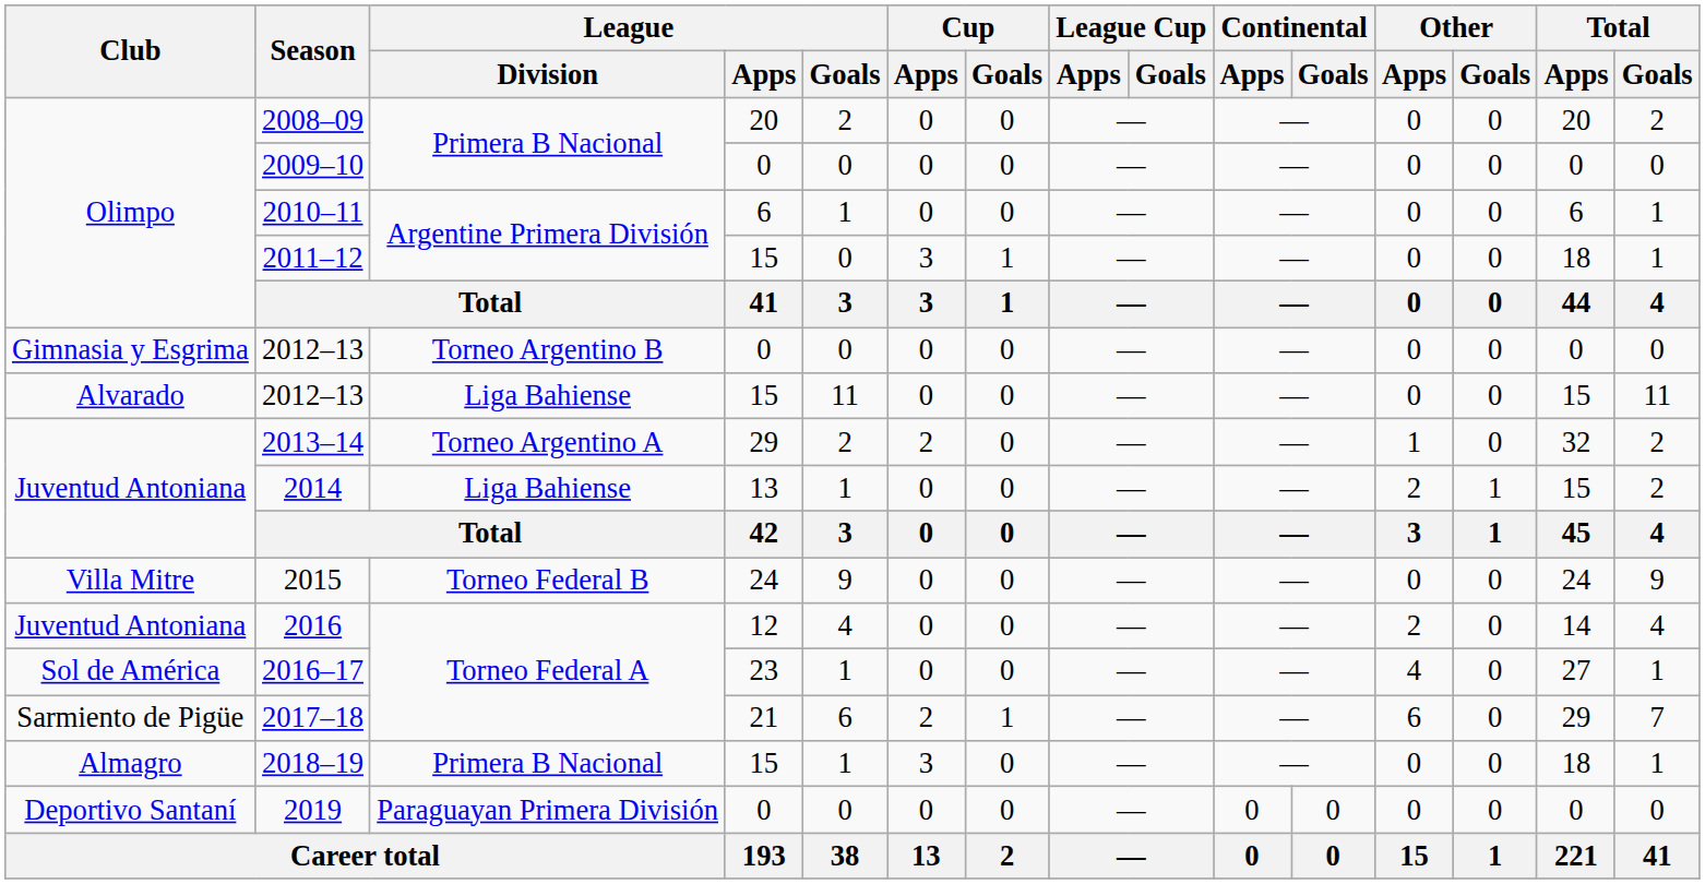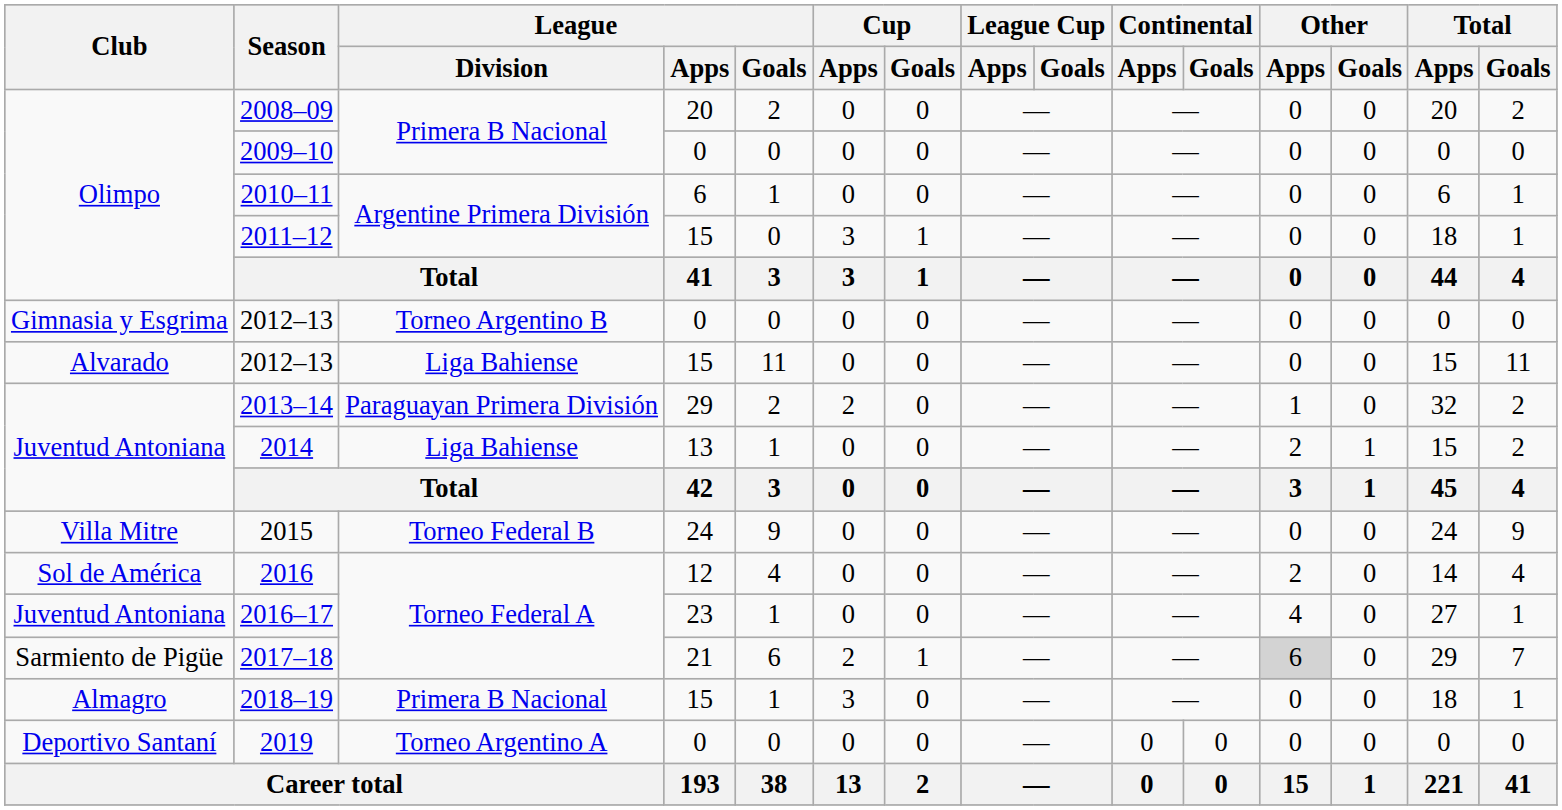 <table class="wikitable" style="text-align:center">
 <tr>
 <th rowspan="2">Club</th>
 <th rowspan="2">Season</th>
 <th colspan="3">League</th>
 <th colspan="2">Cup</th>
 <th colspan="2">League Cup</th>
 <th colspan="2">Continental</th>
 <th colspan="2">Other</th>
 <th colspan="2">Total</th>
 </tr>
 <tr>
 <th>Division</th>
 <th>Apps</th>
 <th>Goals</th>
 <th>Apps</th>
 <th>Goals</th>
 <th>Apps</th>
 <th>Goals</th>
 <th>Apps</th>
 <th>Goals</th>
 <th>Apps</th>
 <th>Goals</th>
 <th>Apps</th>
 <th>Goals</th>
 </tr>
 <tr>
 <td rowspan="5"><a href='#'>Olimpo</a></td>
 <td><a href='#'>2008–09</a></td>
 <td rowspan="2"><a href='#'>Primera B Nacional</a></td>
 <td>20</td>
 <td>2</td>
 <td>0</td>
 <td>0</td>
 <td colspan="2">—</td>
 <td colspan="2">—</td>
 <td>0</td>
 <td>0</td>
 <td>20</td>
 <td>2</td>
 </tr>
 <tr>
 <td><a href='#'>2009–10</a></td>
 <td>0</td>
 <td>0</td>
 <td>0</td>
 <td>0</td>
 <td colspan="2">—</td>
 <td colspan="2">—</td>
 <td>0</td>
 <td>0</td>
 <td>0</td>
 <td>0</td>
 </tr>
 <tr>
 <td><a href='#'>2010–11</a></td>
 <td rowspan="2"><a href='#'>Argentine Primera División</a></td>
 <td>6</td>
 <td>1</td>
 <td>0</td>
 <td>0</td>
 <td colspan="2">—</td>
 <td colspan="2">—</td>
 <td>0</td>
 <td>0</td>
 <td>6</td>
 <td>1</td>
 </tr>
 <tr>
 <td><a href='#'>2011–12</a></td>
 <td>15</td>
 <td>0</td>
 <td>3</td>
 <td>1</td>
 <td colspan="2">—</td>
 <td colspan="2">—</td>
 <td>0</td>
 <td>0</td>
 <td>18</td>
 <td>1</td>
 </tr>
 <tr>
 <th colspan="2">Total</th>
 <th>41</th>
 <th>3</th>
 <th>3</th>
 <th>1</th>
 <th colspan="2">—</th>
 <th colspan="2">—</th>
 <th>0</th>
 <th>0</th>
 <th>44</th>
 <th>4</th>
 </tr>
 <tr>
 <td rowspan="1"><a href='#'>Gimnasia y Esgrima</a></td>
 <td>2012–13</td>
 <td rowspan="1"><a href='#'>Torneo Argentino B</a></td>
 <td>0</td>
 <td>0</td>
 <td>0</td>
 <td>0</td>
 <td colspan="2">—</td>
 <td colspan="2">—</td>
 <td>0</td>
 <td>0</td>
 <td>0</td>
 <td>0</td>
 </tr>
 <tr>
 <td rowspan="1"><a href='#'>Alvarado</a></td>
 <td>2012–13</td>
 <td rowspan="1"><a href='#'>Liga Bahiense</a></td>
 <td>15</td>
 <td>11</td>
 <td>0</td>
 <td>0</td>
 <td colspan="2">—</td>
 <td colspan="2">—</td>
 <td>0</td>
 <td>0</td>
 <td>15</td>
 <td>11</td>
 </tr>
 <tr>
 <td rowspan="3"><a href='#'>Juventud Antoniana</a></td>
 <td><a href='#'>2013–14</a></td>
-<td rowspan="1"><a href='#'>Torneo Argentino A</a></td>
+<td rowspan="1"><a href='#'>Paraguayan Primera División</a></td>
 <td>29</td>
 <td>2</td>
 <td>2</td>
 <td>0</td>
 <td colspan="2">—</td>
 <td colspan="2">—</td>
 <td>1</td>
 <td>0</td>
 <td>32</td>
 <td>2</td>
 </tr>
 <tr>
 <td><a href='#'>2014</a></td>
 <td rowspan="1"><a href='#'>Liga Bahiense</a></td>
 <td>13</td>
 <td>1</td>
 <td>0</td>
 <td>0</td>
 <td colspan="2">—</td>
 <td colspan="2">—</td>
 <td>2</td>
 <td>1</td>
 <td>15</td>
 <td>2</td>
 </tr>
 <tr>
 <th colspan="2">Total</th>
 <th>42</th>
 <th>3</th>
 <th>0</th>
 <th>0</th>
 <th colspan="2">—</th>
 <th colspan="2">—</th>
 <th>3</th>
 <th>1</th>
 <th>45</th>
 <th>4</th>
 </tr>
 <tr>
 <td rowspan="1"><a href='#'>Villa Mitre</a></td>
 <td>2015</td>
 <td rowspan="1"><a href='#'>Torneo Federal B</a></td>
 <td>24</td>
 <td>9</td>
 <td>0</td>
 <td>0</td>
 <td colspan="2">—</td>
 <td colspan="2">—</td>
 <td>0</td>
 <td>0</td>
 <td>24</td>
 <td>9</td>
 </tr>
 <tr>
-<td rowspan="1"><a href='#'>Juventud Antoniana</a></td>
+<td rowspan="1"><a href='#'>Sol de América</a></td>
 <td><a href='#'>2016</a></td>
 <td rowspan="3"><a href='#'>Torneo Federal A</a></td>
 <td>12</td>
 <td>4</td>
 <td>0</td>
 <td>0</td>
 <td colspan="2">—</td>
 <td colspan="2">—</td>
 <td>2</td>
 <td>0</td>
 <td>14</td>
 <td>4</td>
 </tr>
 <tr>
-<td rowspan="1"><a href='#'>Sol de América</a></td>
+<td rowspan="1"><a href='#'>Juventud Antoniana</a></td>
 <td><a href='#'>2016–17</a></td>
 <td>23</td>
 <td>1</td>
 <td>0</td>
 <td>0</td>
 <td colspan="2">—</td>
 <td colspan="2">—</td>
 <td>4</td>
 <td>0</td>
 <td>27</td>
 <td>1</td>
 </tr>
 <tr>
 <td rowspan="1">Sarmiento de Pigüe</td>
 <td><a href='#'>2017–18</a></td>
 <td>21</td>
 <td>6</td>
 <td>2</td>
 <td>1</td>
 <td colspan="2">—</td>
 <td colspan="2">—</td>
-<td>6</td>
+<td style="background: lightgrey;">6</td>
 <td>0</td>
 <td>29</td>
 <td>7</td>
 </tr>
 <tr>
 <td rowspan="1"><a href='#'>Almagro</a></td>
 <td><a href='#'>2018–19</a></td>
 <td rowspan="1"><a href='#'>Primera B Nacional</a></td>
 <td>15</td>
 <td>1</td>
 <td>3</td>
 <td>0</td>
 <td colspan="2">—</td>
 <td colspan="2">—</td>
 <td>0</td>
 <td>0</td>
 <td>18</td>
 <td>1</td>
 </tr>
 <tr>
 <td rowspan="1"><a href='#'>Deportivo Santaní</a></td>
 <td><a href='#'>2019</a></td>
-<td rowspan="1"><a href='#'>Paraguayan Primera División</a></td>
+<td rowspan="1"><a href='#'>Torneo Argentino A</a></td>
 <td>0</td>
 <td>0</td>
 <td>0</td>
 <td>0</td>
 <td colspan="2">—</td>
 <td>0</td>
 <td>0</td>
 <td>0</td>
 <td>0</td>
 <td>0</td>
 <td>0</td>
 </tr>
 <tr>
 <th colspan="3">Career total</th>
 <th>193</th>
 <th>38</th>
 <th>13</th>
 <th>2</th>
 <th colspan="2">—</th>
 <th>0</th>
 <th>0</th>
 <th>15</th>
 <th>1</th>
 <th>221</th>
 <th>41</th>
 </tr>
 </table>
